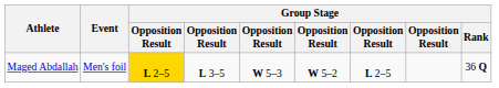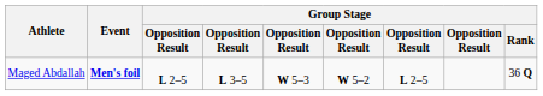 <table class=wikitable style="font-size:90%">
 <tr>
 <th rowspan="2">Athlete</th>
 <th rowspan="2">Event</th>
 <th colspan="7">Group Stage</th>
 </tr>
 <tr>
 <th>Opposition<br>Result</th>
 <th>Opposition<br>Result</th>
 <th>Opposition<br>Result</th>
 <th>Opposition<br>Result</th>
 <th>Opposition<br>Result</th>
 <th>Opposition<br>Result</th>
 <th>Rank</th>
 </tr>
 <tr align=center>
 <td align=left><a href='#'>Maged Abdallah</a></td>
-<td align=left><a href='#'>Men's foil</a></td>
-<td style="background: gold;"><br><strong>L</strong> 2–5</td>
+<td align=left><strong><a href='#'>Men's foil</a></strong></td>
+<td><br><strong>L</strong> 2–5</td>
 <td><br><strong>L</strong> 3–5</td>
 <td><br><strong>W</strong> 5–3</td>
 <td><br><strong>W</strong> 5–2</td>
 <td><br><strong>L</strong> 2–5</td>
 <td></td>
 <td>36 <strong>Q</strong></td>
 </tr>
 </table>
